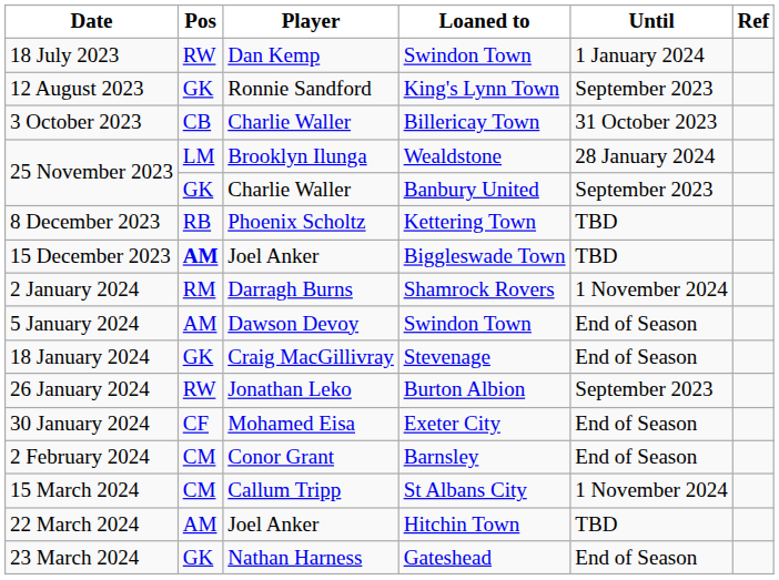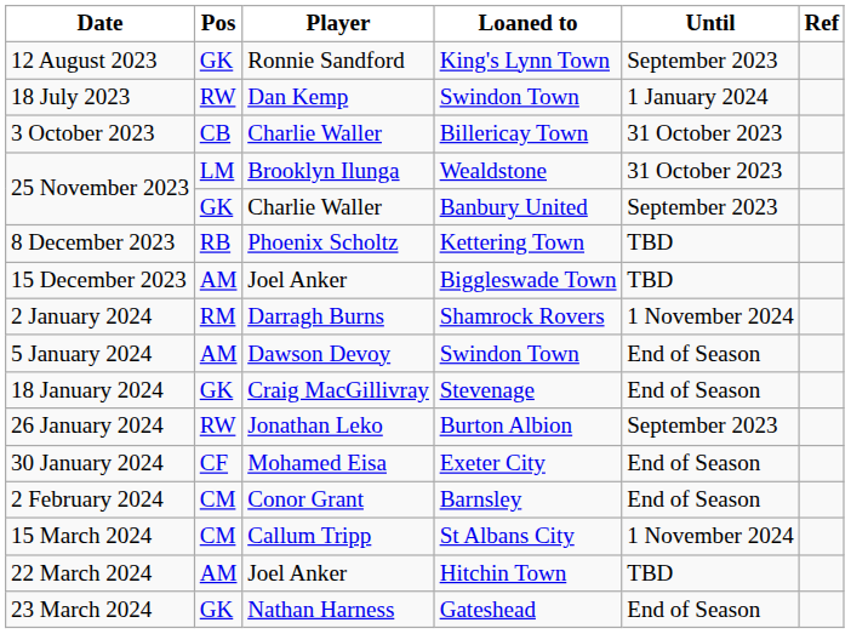 <table class="wikitable plainrowheaders sortable">
 <tr>
 <th style="background:white; color:black; ">Date</th>
 <th style="background:white; color:black; ">Pos</th>
 <th style="background:white; color:black; ">Player</th>
 <th style="background:white; color:black; ">Loaned to</th>
 <th style="background:white; color:black; ">Until</th>
 <th style="background:white; color:black; ">Ref</th>
 </tr>
 <tr>
+<td>12 August 2023</td>
+<td><a href='#'>GK</a></td>
+<td> Ronnie Sandford</td>
+<td> <a href='#'>King's Lynn Town</a></td>
+<td>September 2023</td>
+<td></td>
+</tr>
+<tr>
 <td>18 July 2023</td>
 <td><a href='#'>RW</a></td>
 <td> <a href='#'>Dan Kemp</a></td>
 <td> <a href='#'>Swindon Town</a></td>
 <td>1 January 2024</td>
-<td></td>
-</tr>
-<tr>
-<td>12 August 2023</td>
-<td><a href='#'>GK</a></td>
-<td> Ronnie Sandford</td>
-<td> <a href='#'>King's Lynn Town</a></td>
-<td>September 2023</td>
 <td></td>
 </tr>
 <tr>
 <td>3 October 2023</td>
 <td><a href='#'>CB</a></td>
 <td> <a href='#'>Charlie Waller</a></td>
 <td> <a href='#'>Billericay Town</a></td>
 <td>31 October 2023</td>
 <td></td>
 </tr>
 <tr>
 <td rowspan="2">25 November 2023</td>
 <td><a href='#'>LM</a></td>
 <td> <a href='#'>Brooklyn Ilunga</a></td>
 <td> <a href='#'>Wealdstone</a></td>
-<td>28 January 2024</td>
+<td>31 October 2023</td>
 <td></td>
 </tr>
 <tr>
 <td><a href='#'>GK</a></td>
 <td> Charlie Waller</td>
 <td> <a href='#'>Banbury United</a></td>
 <td>September 2023</td>
 <td></td>
 </tr>
 <tr>
 <td>8 December 2023</td>
 <td><a href='#'>RB</a></td>
 <td> <a href='#'>Phoenix Scholtz</a></td>
 <td> <a href='#'>Kettering Town</a></td>
 <td>TBD</td>
 <td></td>
 </tr>
 <tr>
 <td>15 December 2023</td>
-<td><strong><a href='#'>AM</a></strong></td>
+<td><a href='#'>AM</a></td>
 <td> Joel Anker</td>
 <td> <a href='#'>Biggleswade Town</a></td>
 <td>TBD</td>
 <td></td>
 </tr>
 <tr>
 <td>2 January 2024</td>
 <td><a href='#'>RM</a></td>
 <td> <a href='#'>Darragh Burns</a></td>
 <td> <a href='#'>Shamrock Rovers</a></td>
 <td>1 November 2024</td>
 <td></td>
 </tr>
 <tr>
 <td>5 January 2024</td>
 <td><a href='#'>AM</a></td>
 <td> <a href='#'>Dawson Devoy</a></td>
 <td> <a href='#'>Swindon Town</a></td>
 <td>End of Season</td>
 <td></td>
 </tr>
 <tr>
 <td>18 January 2024</td>
 <td><a href='#'>GK</a></td>
 <td> <a href='#'>Craig MacGillivray</a></td>
 <td> <a href='#'>Stevenage</a></td>
 <td>End of Season</td>
 <td></td>
 </tr>
 <tr>
 <td>26 January 2024</td>
 <td><a href='#'>RW</a></td>
 <td> <a href='#'>Jonathan Leko</a></td>
 <td> <a href='#'>Burton Albion</a></td>
 <td>September 2023</td>
 <td></td>
 </tr>
 <tr>
 <td>30 January 2024</td>
 <td><a href='#'>CF</a></td>
 <td> <a href='#'>Mohamed Eisa</a></td>
 <td> <a href='#'>Exeter City</a></td>
 <td>End of Season</td>
 <td></td>
 </tr>
 <tr>
 <td>2 February 2024</td>
 <td><a href='#'>CM</a></td>
 <td> <a href='#'>Conor Grant</a></td>
 <td> <a href='#'>Barnsley</a></td>
 <td>End of Season</td>
 <td></td>
 </tr>
 <tr>
 <td>15 March 2024</td>
 <td><a href='#'>CM</a></td>
 <td> <a href='#'>Callum Tripp</a></td>
 <td> <a href='#'>St Albans City</a></td>
 <td>1 November 2024</td>
 <td></td>
 </tr>
 <tr>
 <td>22 March 2024</td>
 <td><a href='#'>AM</a></td>
 <td> Joel Anker</td>
 <td> <a href='#'>Hitchin Town</a></td>
 <td>TBD</td>
 <td></td>
 </tr>
 <tr>
 <td>23 March 2024</td>
 <td><a href='#'>GK</a></td>
 <td> <a href='#'>Nathan Harness</a></td>
 <td> <a href='#'>Gateshead</a></td>
 <td>End of Season</td>
 <td></td>
 </tr>
 </table>
